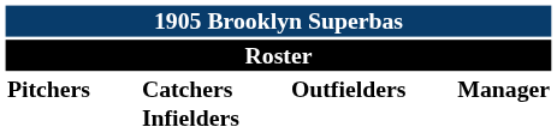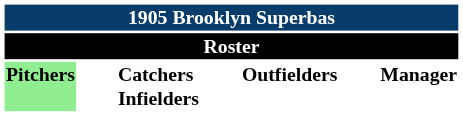 <table class="toccolours" style="font-size: 95%;">
 <tr>
 <th colspan="10" style="background-color: #083c6b; color: white; text-align: center;">1905 Brooklyn Superbas</th>
 </tr>
 <tr>
 <td colspan="10" style="background-color: black; color: white; text-align: center;"><strong>Roster</strong></td>
 </tr>
 <tr>
-<td valign="top"><strong>Pitchers</strong><br>       </td>
+<td valign="top" style="background: lightgreen;"><strong>Pitchers</strong><br>       </td>
 <td width="25px"></td>
 <td valign="top"><strong>Catchers</strong><br>  <strong>Infielders</strong>         </td>
 <td width="25px"></td>
 <td valign="top"><strong>Outfielders</strong><br>   </td>
 <td width="25px"></td>
 <td valign="top"><strong>Manager</strong><br></td>
 </tr>
 </table>
